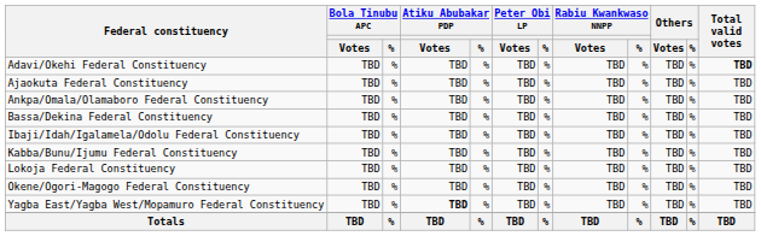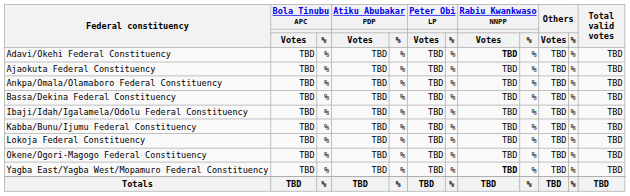 <table class="wikitable sortable" style="text-align:right; font-size:90%">
 <tr>
 <th rowspan="3" style="max-width:7.5em;">Federal constituency</th>
 <th colspan="2"><a href='#'>Bola Tinubu</a><br><small>APC</small></th>
 <th colspan="2"><a href='#'>Atiku Abubakar</a><br><small>PDP</small></th>
 <th colspan="2"><a href='#'>Peter Obi</a><br><small>LP</small></th>
 <th colspan="2"><a href='#'>Rabiu Kwankwaso</a><br><small>NNPP</small></th>
 <th colspan="2" rowspan="2">Others</th>
 <th rowspan="3" style="max-width:5em;">Total valid votes</th>
 </tr>
 <tr>
 <th colspan=2 style="background-color:"></th>
 <th colspan=2 style="background-color:"></th>
 <th colspan=2 style="background-color:"></th>
 <th colspan=2 style="background-color:"></th>
 </tr>
 <tr>
 <th>Votes</th>
 <th>%</th>
 <th>Votes</th>
 <th>%</th>
 <th>Votes</th>
 <th>%</th>
 <th>Votes</th>
 <th>%</th>
 <th>Votes</th>
 <th>%</th>
 </tr>
 <tr style="background-color:#">
 <td style="text-align:left;">Adavi/Okehi Federal Constituency</td>
 <td>TBD</td>
 <td>%</td>
 <td>TBD</td>
 <td>%</td>
 <td>TBD</td>
 <td>%</td>
+<td><strong>TBD</strong></td>
+<td>%</td>
 <td>TBD</td>
 <td>%</td>
 <td>TBD</td>
-<td>%</td>
-<td><strong>TBD</strong></td>
 </tr>
 <tr style="background-color:#">
 <td style="text-align:left;">Ajaokuta Federal Constituency</td>
 <td>TBD</td>
 <td>%</td>
 <td>TBD</td>
 <td>%</td>
 <td>TBD</td>
 <td>%</td>
 <td>TBD</td>
 <td>%</td>
 <td>TBD</td>
 <td>%</td>
 <td>TBD</td>
 </tr>
 <tr style="background-color:#">
 <td style="text-align:left;">Ankpa/Omala/Olamaboro Federal Constituency</td>
 <td>TBD</td>
 <td>%</td>
 <td>TBD</td>
 <td>%</td>
 <td>TBD</td>
 <td>%</td>
 <td>TBD</td>
 <td>%</td>
 <td>TBD</td>
 <td>%</td>
 <td>TBD</td>
 </tr>
 <tr style="background-color:#">
 <td style="text-align:left;">Bassa/Dekina Federal Constituency</td>
 <td>TBD</td>
 <td>%</td>
 <td>TBD</td>
 <td>%</td>
 <td>TBD</td>
 <td>%</td>
 <td>TBD</td>
 <td>%</td>
 <td>TBD</td>
 <td>%</td>
 <td>TBD</td>
 </tr>
 <tr style="background-color:#">
 <td style="text-align:left;">Ibaji/Idah/Igalamela/Odolu Federal Constituency</td>
 <td>TBD</td>
 <td>%</td>
 <td>TBD</td>
 <td>%</td>
 <td>TBD</td>
 <td>%</td>
 <td>TBD</td>
 <td>%</td>
 <td>TBD</td>
 <td>%</td>
 <td>TBD</td>
 </tr>
 <tr style="background-color:#">
 <td style="text-align:left;">Kabba/Bunu/Ijumu Federal Constituency</td>
 <td>TBD</td>
 <td>%</td>
 <td>TBD</td>
 <td>%</td>
 <td>TBD</td>
 <td>%</td>
 <td>TBD</td>
 <td>%</td>
 <td>TBD</td>
 <td>%</td>
 <td>TBD</td>
 </tr>
 <tr style="background-color:#">
 <td style="text-align:left;">Lokoja Federal Constituency</td>
 <td>TBD</td>
 <td>%</td>
 <td>TBD</td>
 <td>%</td>
 <td>TBD</td>
 <td>%</td>
 <td>TBD</td>
 <td>%</td>
 <td>TBD</td>
 <td>%</td>
 <td>TBD</td>
 </tr>
 <tr style="background-color:#">
 <td style="text-align:left;">Okene/Ogori-Magogo Federal Constituency</td>
 <td>TBD</td>
 <td>%</td>
 <td>TBD</td>
 <td>%</td>
 <td>TBD</td>
 <td>%</td>
 <td>TBD</td>
 <td>%</td>
 <td>TBD</td>
 <td>%</td>
 <td>TBD</td>
 </tr>
 <tr style="background-color:#">
 <td style="text-align:left;">Yagba East/Yagba West/Mopamuro Federal Constituency</td>
 <td>TBD</td>
 <td>%</td>
-<td><strong>TBD</strong></td>
+<td>TBD</td>
 <td>%</td>
 <td>TBD</td>
 <td>%</td>
-<td>TBD</td>
+<td><strong>TBD</strong></td>
 <td>%</td>
 <td>TBD</td>
 <td>%</td>
 <td>TBD</td>
 </tr>
 <tr>
 </tr>
 <tr>
 <th>Totals</th>
 <th>TBD</th>
 <th>%</th>
 <th>TBD</th>
 <th>%</th>
 <th>TBD</th>
 <th>%</th>
 <th>TBD</th>
 <th>%</th>
 <th>TBD</th>
 <th>%</th>
 <th>TBD</th>
 </tr>
 </table>
